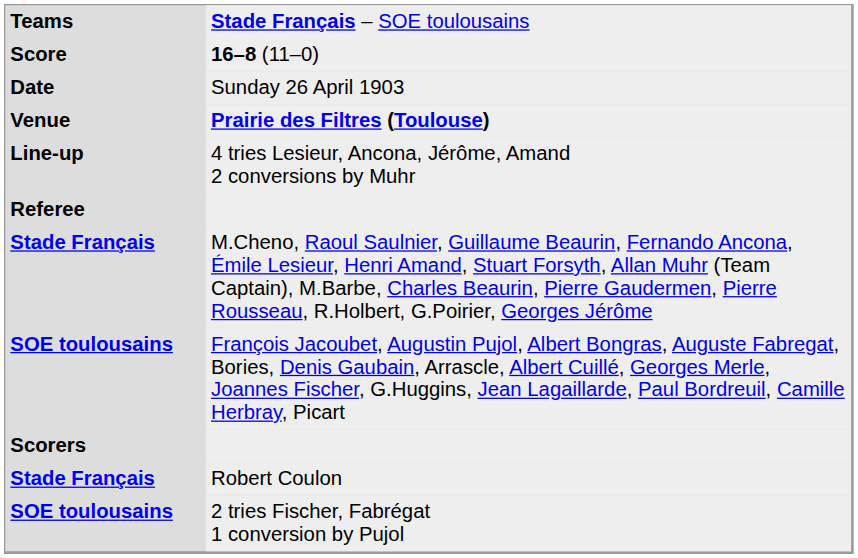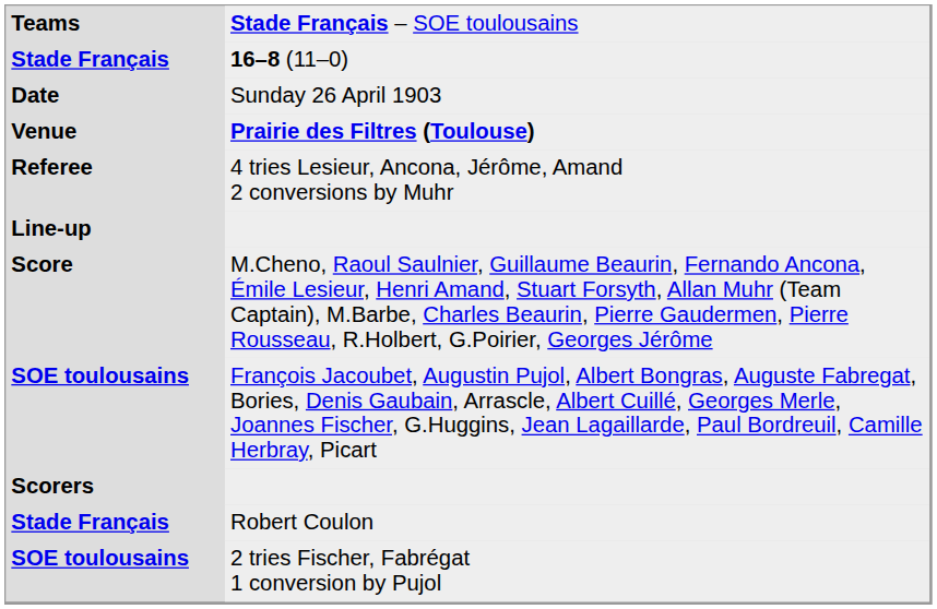 <table align="left" cellpadding="4" cellspacing="0"  style="margin: 0 0 0 0; border: 1px solid #999; border-right-width: 2px; border-bottom-width: 2px; background-color: #DDDDDD">
 <tr>
 <td width="150" valign="top"><strong>Teams</strong></td>
 <td width="500" bgcolor=#EEEEEE><strong><a href='#'>Stade Français</a> </strong> – <a href='#'>SOE toulousains</a></td>
 </tr>
 <tr>
-<td valign="top"><strong>Score</strong></td>
+<td valign="top"><strong><a href='#'>Stade Français</a> </strong></td>
 <td bgcolor=#EEEEEE><strong>16–8</strong> (11–0)</td>
 </tr>
 <tr>
 <td valign="top"><strong>Date</strong></td>
 <td bgcolor=#EEEEEE>Sunday 26 April 1903</td>
 </tr>
 <tr>
 <td valign="top"><strong>Venue</strong></td>
 <td bgcolor=#EEEEEE><strong><a href='#'>Prairie des Filtres</a> (<a href='#'>Toulouse</a>)</strong></td>
 </tr>
 <tr>
-<td valign="top"><strong>Line-up</strong></td>
+<td valign="top"><strong>Referee</strong></td>
 <td bgcolor=#EEEEEE>4 tries Lesieur, Ancona, Jérôme, Amand<br>2 conversions by Muhr</td>
 </tr>
 <tr>
-<td valign="top"><strong>Referee</strong></td>
+<td valign="top"><strong>Line-up</strong></td>
 <td bgcolor=#EEEEEE></td>
 </tr>
 <tr>
-<td valign="top"><strong><a href='#'>Stade Français</a> </strong></td>
+<td valign="top"><strong>Score</strong></td>
 <td bgcolor=#EEEEEE>M.Cheno, <a href='#'>Raoul Saulnier</a>, <a href='#'>Guillaume Beaurin</a>, <a href='#'>Fernando Ancona</a>, <a href='#'>Émile Lesieur</a>, <a href='#'>Henri Amand</a>, <a href='#'>Stuart Forsyth</a>, <a href='#'>Allan Muhr</a> (Team Captain), M.Barbe, <a href='#'>Charles Beaurin</a>, <a href='#'>Pierre Gaudermen</a>, <a href='#'>Pierre Rousseau</a>, R.Holbert, G.Poirier, <a href='#'>Georges Jérôme</a></td>
 </tr>
 <tr>
 <td valign="top"><strong><a href='#'>SOE toulousains</a></strong></td>
 <td bgcolor=#EEEEEE><a href='#'>François Jacoubet</a>, <a href='#'>Augustin Pujol</a>, <a href='#'>Albert Bongras</a>, <a href='#'>Auguste Fabregat</a>, Bories, <a href='#'>Denis Gaubain</a>, Arrascle, <a href='#'>Albert Cuillé</a>, <a href='#'>Georges Merle</a>, <a href='#'>Joannes Fischer</a>, G.Huggins, <a href='#'>Jean Lagaillarde</a>, <a href='#'>Paul Bordreuil</a>, <a href='#'>Camille Herbray</a>, Picart</td>
 </tr>
 <tr>
 <td valign="top"><strong>Scorers</strong></td>
 <td bgcolor=#EEEEEE></td>
 </tr>
 <tr>
 <td valign="top"><strong><a href='#'>Stade Français</a> </strong></td>
 <td bgcolor=#EEEEEE>Robert Coulon</td>
 </tr>
 <tr>
 <td valign="top"><strong><a href='#'>SOE toulousains</a></strong></td>
 <td bgcolor=#EEEEEE>2 tries Fischer, Fabrégat<br>1 conversion by Pujol</td>
 </tr>
 </table>
